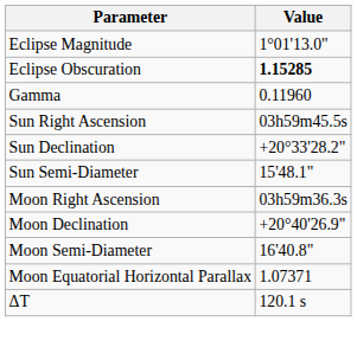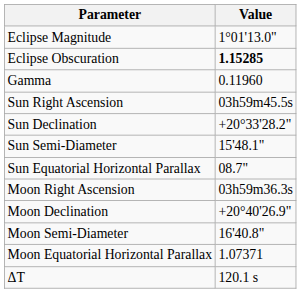 <table class="wikitable">
 <tr>
 <th>Parameter</th>
 <th>Value</th>
 </tr>
 <tr>
 <td>Eclipse Magnitude</td>
 <td>1°01'13.0"</td>
 </tr>
 <tr>
 <td>Eclipse Obscuration</td>
 <td><strong>1.15285</strong></td>
 </tr>
 <tr>
 <td>Gamma</td>
 <td>0.11960</td>
 </tr>
 <tr>
 <td>Sun Right Ascension</td>
 <td>03h59m45.5s</td>
 </tr>
 <tr>
 <td>Sun Declination</td>
 <td>+20°33'28.2"</td>
 </tr>
 <tr>
 <td>Sun Semi-Diameter</td>
 <td>15'48.1"</td>
 </tr>
 <tr>
+<td>Sun Equatorial Horizontal Parallax</td>
+<td>08.7"</td>
+</tr>
+<tr>
 <td>Moon Right Ascension</td>
 <td>03h59m36.3s</td>
 </tr>
 <tr>
 <td>Moon Declination</td>
 <td>+20°40'26.9"</td>
 </tr>
 <tr>
 <td>Moon Semi-Diameter</td>
 <td>16'40.8"</td>
 </tr>
 <tr>
 <td>Moon Equatorial Horizontal Parallax</td>
 <td>1.07371</td>
 </tr>
 <tr>
 <td>ΔT</td>
 <td>120.1 s</td>
 </tr>
 </table>
